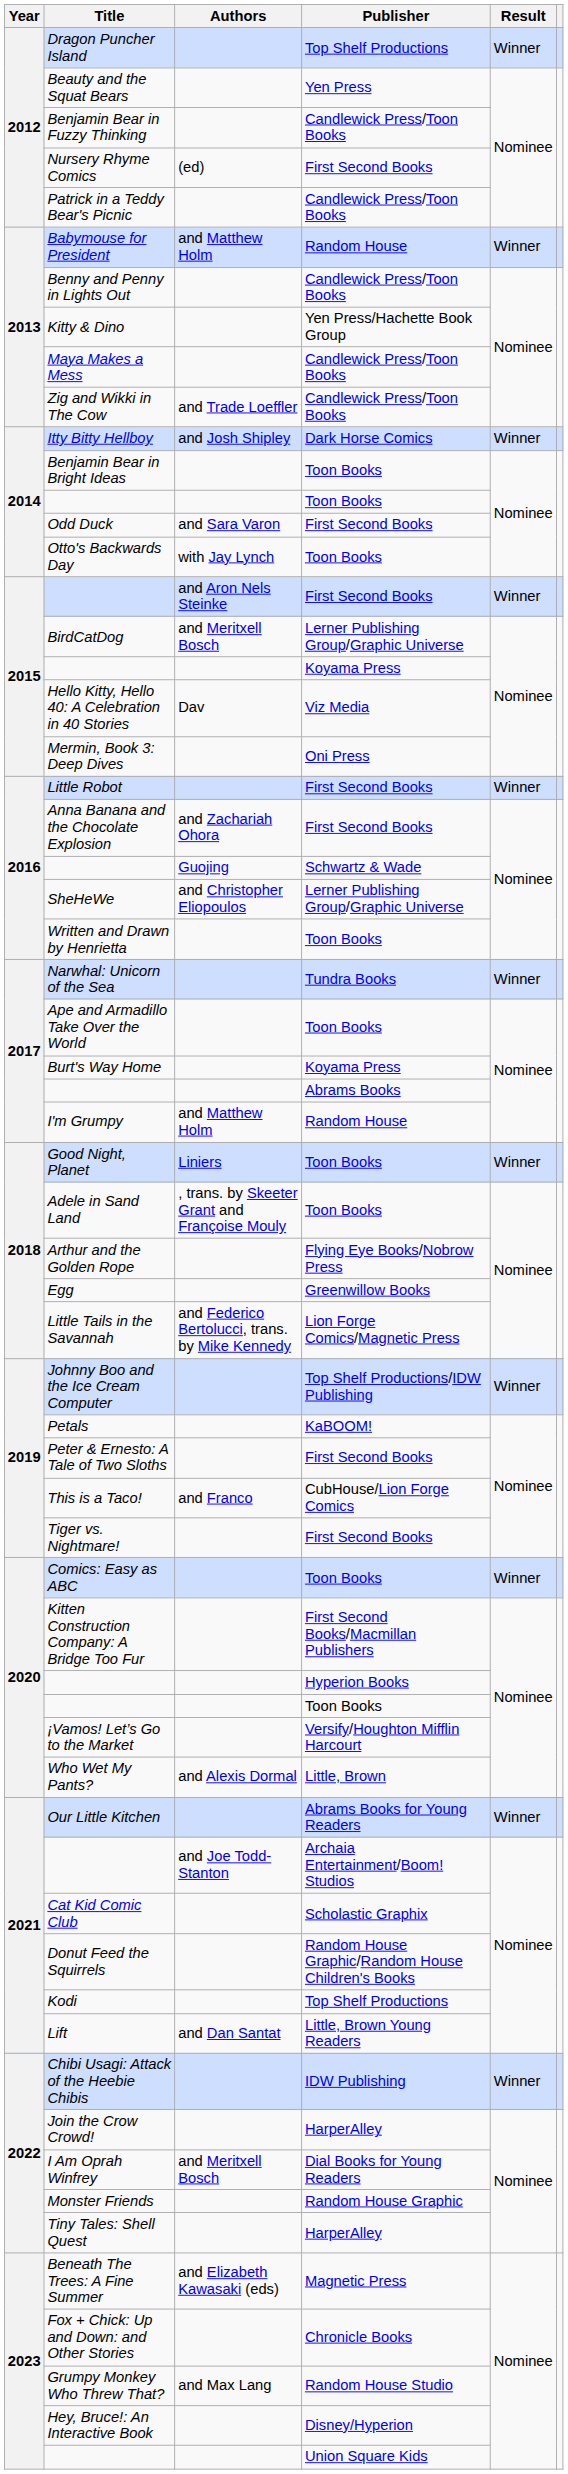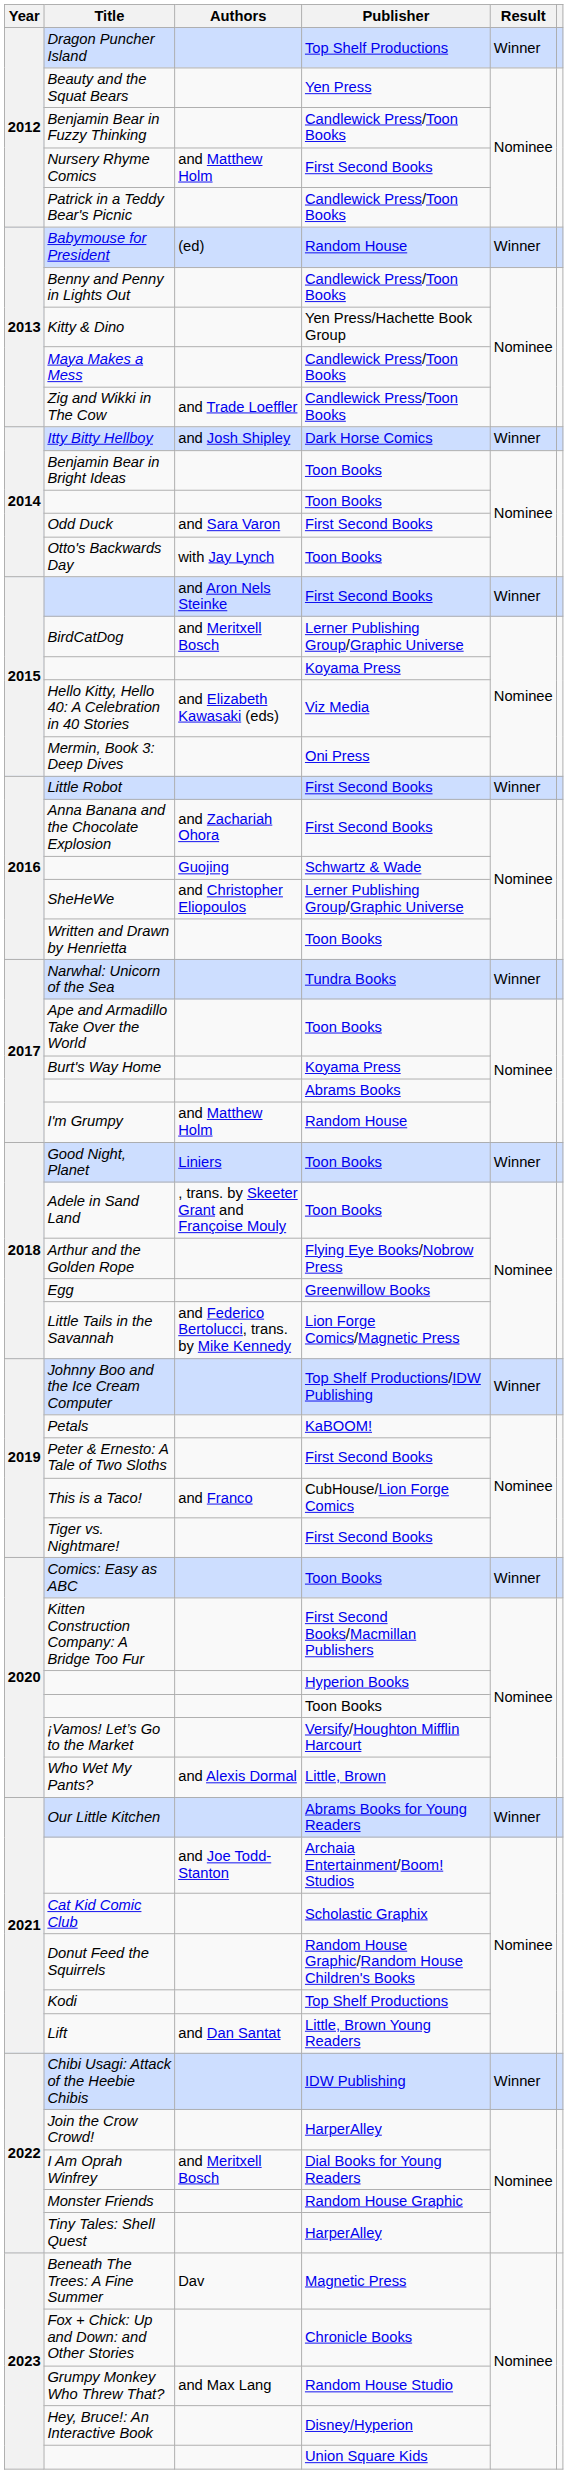 <table class="wikitable sortable" style="text-align:left;">
 <tr>
 <th>Year</th>
 <th>Title</th>
 <th>Authors</th>
 <th>Publisher</th>
 <th>Result</th>
 <th scope="col" class="unsortable"></th>
 </tr>
 <tr style="background:#cddeff">
 <th rowspan="5" scope="row">2012</th>
 <td><em>Dragon Puncher Island</em></td>
 <td></td>
 <td><a href='#'>Top Shelf Productions</a></td>
 <td>Winner</td>
 <td></td>
 </tr>
 <tr>
 <td><em>Beauty and the Squat Bears</em></td>
 <td></td>
 <td><a href='#'>Yen Press</a></td>
 <td rowspan="4">Nominee</td>
 <td rowspan="4"></td>
 </tr>
 <tr>
 <td><em>Benjamin Bear in Fuzzy Thinking</em></td>
 <td></td>
 <td><a href='#'>Candlewick Press</a>/<a href='#'>Toon Books</a></td>
 </tr>
 <tr>
 <td><em>Nursery Rhyme Comics</em></td>
-<td> (ed)</td>
+<td> and <a href='#'>Matthew Holm</a></td>
 <td><a href='#'>First Second Books</a></td>
 </tr>
 <tr>
 <td><em>Patrick in a Teddy Bear's Picnic</em></td>
 <td></td>
 <td><a href='#'>Candlewick Press</a>/<a href='#'>Toon Books</a></td>
 </tr>
 <tr style="background:#cddeff">
 <th rowspan="5" scope="row">2013</th>
 <td><em><a href='#'>Babymouse for President</a></em></td>
-<td> and <a href='#'>Matthew Holm</a></td>
+<td> (ed)</td>
 <td><a href='#'>Random House</a></td>
 <td>Winner</td>
 <td></td>
 </tr>
 <tr>
 <td><em>Benny and Penny in Lights Out</em></td>
 <td></td>
 <td><a href='#'>Candlewick Press</a>/<a href='#'>Toon Books</a></td>
 <td rowspan="4">Nominee</td>
 <td rowspan="4"></td>
 </tr>
 <tr>
 <td><em>Kitty & Dino</em></td>
 <td></td>
 <td>Yen Press/Hachette Book Group</td>
 </tr>
 <tr>
 <td><em><a href='#'>Maya Makes a Mess</a></em></td>
 <td></td>
 <td><a href='#'>Candlewick Press</a>/<a href='#'>Toon Books</a></td>
 </tr>
 <tr>
 <td><em>Zig and Wikki in The Cow</em></td>
 <td> and <a href='#'>Trade Loeffler</a></td>
 <td><a href='#'>Candlewick Press</a>/<a href='#'>Toon Books</a></td>
 </tr>
 <tr style="background:#cddeff">
 <th rowspan="5" scope="row">2014</th>
 <td><em><a href='#'>Itty Bitty Hellboy</a></em></td>
 <td> and <a href='#'>Josh Shipley</a></td>
 <td><a href='#'>Dark Horse Comics</a></td>
 <td>Winner</td>
 <td></td>
 </tr>
 <tr>
 <td><em>Benjamin Bear in Bright Ideas</em></td>
 <td></td>
 <td><a href='#'>Toon Books</a></td>
 <td rowspan="4">Nominee</td>
 <td rowspan="4"></td>
 </tr>
 <tr>
 <td><em></em></td>
 <td></td>
 <td><a href='#'>Toon Books</a></td>
 </tr>
 <tr>
 <td><em>Odd Duck</em></td>
 <td> and <a href='#'>Sara Varon</a></td>
 <td><a href='#'>First Second Books</a></td>
 </tr>
 <tr>
 <td><em>Otto's Backwards Day</em></td>
 <td> with <a href='#'>Jay Lynch</a></td>
 <td><a href='#'>Toon Books</a></td>
 </tr>
 <tr style="background:#cddeff">
 <th rowspan="5" scope="row">2015</th>
 <td><em></em></td>
 <td> and <a href='#'>Aron Nels Steinke</a></td>
 <td><a href='#'>First Second Books</a></td>
 <td>Winner</td>
 <td></td>
 </tr>
 <tr>
 <td><em>BirdCatDog</em></td>
 <td> and <a href='#'>Meritxell Bosch</a></td>
 <td><a href='#'>Lerner Publishing Group</a>/<a href='#'>Graphic Universe</a></td>
 <td rowspan="4">Nominee</td>
 <td rowspan="4"></td>
 </tr>
 <tr>
 <td><em></em></td>
 <td></td>
 <td><a href='#'>Koyama Press</a></td>
 </tr>
 <tr>
 <td><em>Hello Kitty, Hello 40: A Celebration in 40 Stories</em></td>
-<td>Dav</td>
+<td> and <a href='#'>Elizabeth Kawasaki</a> (eds)</td>
 <td><a href='#'>Viz Media</a></td>
 </tr>
 <tr>
 <td><em>Mermin, Book 3: Deep Dives</em></td>
 <td></td>
 <td><a href='#'>Oni Press</a></td>
 </tr>
 <tr style="background:#cddeff">
 <th rowspan="5" scope="row">2016</th>
 <td><em>Little Robot</em></td>
 <td></td>
 <td><a href='#'>First Second Books</a></td>
 <td>Winner</td>
 <td></td>
 </tr>
 <tr>
 <td><em>Anna Banana and the Chocolate Explosion</em></td>
 <td> and <a href='#'>Zachariah Ohora</a></td>
 <td><a href='#'>First Second Books</a></td>
 <td rowspan="4">Nominee</td>
 <td rowspan="4"></td>
 </tr>
 <tr>
 <td><em></em></td>
 <td><a href='#'>Guojing</a></td>
 <td><a href='#'>Schwartz & Wade</a></td>
 </tr>
 <tr>
 <td><em>SheHeWe</em></td>
 <td> and <a href='#'>Christopher Eliopoulos</a></td>
 <td><a href='#'>Lerner Publishing Group</a>/<a href='#'>Graphic Universe</a></td>
 </tr>
 <tr>
 <td><em>Written and Drawn by Henrietta</em></td>
 <td></td>
 <td><a href='#'>Toon Books</a></td>
 </tr>
 <tr style="background:#cddeff">
 <th rowspan="5" scope="row">2017</th>
 <td><em>Narwhal: Unicorn of the Sea</em></td>
 <td></td>
 <td><a href='#'>Tundra Books</a></td>
 <td>Winner</td>
 <td></td>
 </tr>
 <tr>
 <td><em>Ape and Armadillo Take Over the World</em></td>
 <td></td>
 <td><a href='#'>Toon Books</a></td>
 <td rowspan="4">Nominee</td>
 <td rowspan="4"></td>
 </tr>
 <tr>
 <td><em>Burt's Way Home</em></td>
 <td></td>
 <td><a href='#'>Koyama Press</a></td>
 </tr>
 <tr>
 <td><em></em></td>
 <td></td>
 <td><a href='#'>Abrams Books</a></td>
 </tr>
 <tr>
 <td><em>I'm Grumpy</em></td>
 <td> and <a href='#'>Matthew Holm</a></td>
 <td><a href='#'>Random House</a></td>
 </tr>
 <tr style="background:#cddeff">
 <th rowspan="5" scope="row">2018</th>
 <td><em>Good Night, Planet</em></td>
 <td><a href='#'>Liniers</a></td>
 <td><a href='#'>Toon Books</a></td>
 <td>Winner</td>
 <td></td>
 </tr>
 <tr>
 <td><em>Adele in Sand Land</em></td>
 <td>, trans. by <a href='#'>Skeeter Grant</a> and <a href='#'>Françoise Mouly</a></td>
 <td><a href='#'>Toon Books</a></td>
 <td rowspan="4">Nominee</td>
 <td rowspan="4"></td>
 </tr>
 <tr>
 <td><em>Arthur and the Golden Rope</em></td>
 <td></td>
 <td><a href='#'>Flying Eye Books</a>/<a href='#'>Nobrow Press</a></td>
 </tr>
 <tr>
 <td><em>Egg</em></td>
 <td></td>
 <td><a href='#'>Greenwillow Books</a></td>
 </tr>
 <tr>
 <td><em>Little Tails in the Savannah</em></td>
 <td> and <a href='#'>Federico Bertolucci</a>, trans. by <a href='#'>Mike Kennedy</a></td>
 <td><a href='#'>Lion Forge Comics</a>/<a href='#'>Magnetic Press</a></td>
 </tr>
 <tr style="background:#cddeff">
 <th rowspan="5" scope="row">2019</th>
 <td><em>Johnny Boo and the Ice Cream Computer</em></td>
 <td></td>
 <td><a href='#'>Top Shelf Productions</a>/<a href='#'>IDW Publishing</a></td>
 <td>Winner</td>
 <td></td>
 </tr>
 <tr>
 <td><em>Petals</em></td>
 <td></td>
 <td><a href='#'>KaBOOM!</a></td>
 <td rowspan="4">Nominee</td>
 <td rowspan="4"></td>
 </tr>
 <tr>
 <td><em>Peter & Ernesto: A Tale of Two Sloths</em></td>
 <td></td>
 <td><a href='#'>First Second Books</a></td>
 </tr>
 <tr>
 <td><em>This is a Taco!</em></td>
 <td> and <a href='#'>Franco</a></td>
 <td>CubHouse/<a href='#'>Lion Forge Comics</a></td>
 </tr>
 <tr>
 <td><em>Tiger vs. Nightmare!</em></td>
 <td></td>
 <td><a href='#'>First Second Books</a></td>
 </tr>
 <tr style="background:#cddeff">
 <th rowspan="6" scope="row">2020</th>
 <td><em>Comics: Easy as ABC</em></td>
 <td></td>
 <td><a href='#'>Toon Books</a></td>
 <td>Winner</td>
 <td></td>
 </tr>
 <tr>
 <td><em>Kitten Construction Company: A Bridge Too Fur</em></td>
 <td></td>
 <td><a href='#'>First Second Books</a>/<a href='#'>Macmillan Publishers</a></td>
 <td rowspan="5">Nominee</td>
 <td rowspan="5"></td>
 </tr>
 <tr>
 <td><em></em></td>
 <td></td>
 <td><a href='#'>Hyperion Books</a></td>
 </tr>
 <tr>
 <td><em></em></td>
 <td></td>
 <td>Toon Books</td>
 </tr>
 <tr>
 <td><em>¡Vamos! Let’s Go to the Market</em></td>
 <td></td>
 <td><a href='#'>Versify</a>/<a href='#'>Houghton Mifflin Harcourt</a></td>
 </tr>
 <tr>
 <td><em>Who Wet My Pants?</em></td>
 <td> and <a href='#'>Alexis Dormal</a></td>
 <td><a href='#'>Little, Brown</a></td>
 </tr>
 <tr style="background:#cddeff">
 <th rowspan="6" scope="row">2021</th>
 <td><em>Our Little Kitchen</em></td>
 <td></td>
 <td><a href='#'>Abrams Books for Young Readers</a></td>
 <td>Winner</td>
 <td></td>
 </tr>
 <tr>
 <td></td>
 <td> and <a href='#'>Joe Todd-Stanton</a></td>
 <td><a href='#'>Archaia Entertainment</a>/<a href='#'>Boom! Studios</a></td>
 <td rowspan="5">Nominee</td>
 <td rowspan="5"></td>
 </tr>
 <tr>
 <td><em><a href='#'>Cat Kid Comic Club</a></em></td>
 <td></td>
 <td><a href='#'>Scholastic Graphix</a></td>
 </tr>
 <tr>
 <td><em>Donut Feed the Squirrels</em></td>
 <td></td>
 <td><a href='#'>Random House Graphic</a>/<a href='#'>Random House Children's Books</a></td>
 </tr>
 <tr>
 <td><em>Kodi</em></td>
 <td></td>
 <td><a href='#'>Top Shelf Productions</a></td>
 </tr>
 <tr>
 <td><em>Lift</em></td>
 <td> and <a href='#'>Dan Santat</a></td>
 <td><a href='#'>Little, Brown Young Readers</a></td>
 </tr>
 <tr style="background:#cddeff">
 <th rowspan="5">2022</th>
 <td><em>Chibi Usagi: Attack of the Heebie Chibis</em></td>
 <td></td>
 <td><a href='#'>IDW Publishing</a></td>
 <td>Winner</td>
 <td></td>
 </tr>
 <tr>
 <td><em>Join the Crow Crowd!</em></td>
 <td></td>
 <td><a href='#'>HarperAlley</a></td>
 <td rowspan="4">Nominee</td>
 <td rowspan="4"></td>
 </tr>
 <tr>
 <td><em>I Am Oprah Winfrey</em></td>
 <td> and <a href='#'>Meritxell Bosch</a></td>
 <td><a href='#'>Dial Books for Young Readers</a></td>
 </tr>
 <tr>
 <td><em>Monster Friends</em></td>
 <td></td>
 <td><a href='#'>Random House Graphic</a></td>
 </tr>
 <tr>
 <td><em>Tiny Tales: Shell Quest</em></td>
 <td></td>
 <td><a href='#'>HarperAlley</a></td>
 </tr>
 <tr>
 <th rowspan="5">2023</th>
 <td><em>Beneath The Trees: A Fine Summer</em></td>
-<td> and <a href='#'>Elizabeth Kawasaki</a> (eds)</td>
+<td>Dav</td>
 <td><a href='#'>Magnetic Press</a></td>
 <td rowspan="5">Nominee</td>
 <td rowspan="5"></td>
 </tr>
 <tr>
 <td><em>Fox + Chick: Up and Down: and Other Stories</em></td>
 <td></td>
 <td><a href='#'>Chronicle Books</a></td>
 </tr>
 <tr>
 <td><em>Grumpy Monkey Who Threw That?</em></td>
 <td> and Max Lang</td>
 <td><a href='#'>Random House Studio</a></td>
 </tr>
 <tr>
 <td><em>Hey, Bruce!: An Interactive Book</em></td>
 <td></td>
 <td><a href='#'>Disney/Hyperion</a></td>
 </tr>
 <tr>
 <td></td>
 <td></td>
 <td><a href='#'>Union Square Kids</a></td>
 </tr>
 </table>
